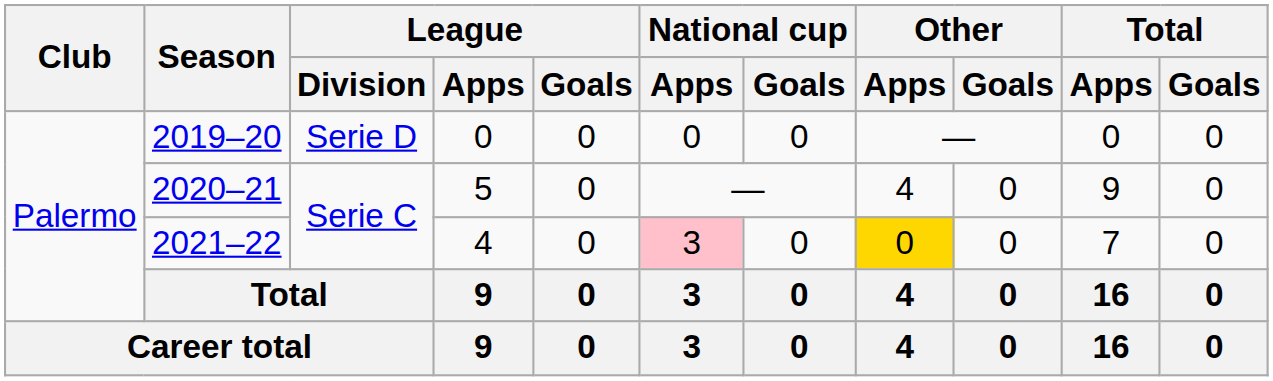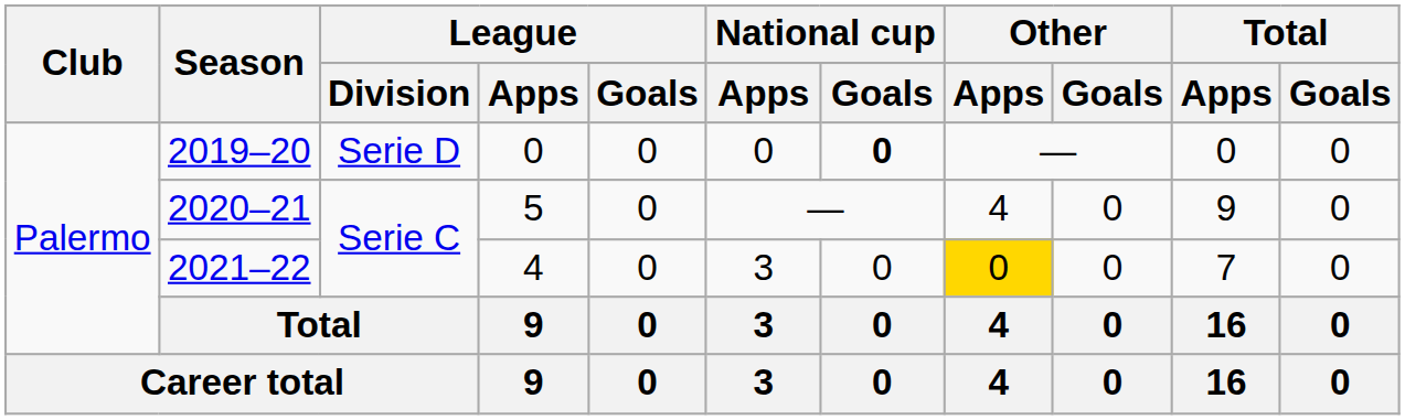 <table class="wikitable" style="text-align: center;">
 <tr>
 <th rowspan="2">Club</th>
 <th rowspan="2">Season</th>
 <th colspan="3">League</th>
 <th colspan="2">National cup</th>
 <th colspan="2">Other</th>
 <th colspan="2">Total</th>
 </tr>
 <tr>
 <th>Division</th>
 <th>Apps</th>
 <th>Goals</th>
 <th>Apps</th>
 <th>Goals</th>
 <th>Apps</th>
 <th>Goals</th>
 <th>Apps</th>
 <th>Goals</th>
 </tr>
 <tr>
 <td rowspan="4"><a href='#'>Palermo</a></td>
 <td><a href='#'>2019–20</a></td>
 <td><a href='#'>Serie D</a></td>
 <td>0</td>
 <td>0</td>
 <td>0</td>
-<td>0</td>
+<td><strong>0</strong></td>
 <td colspan="2">—</td>
 <td>0</td>
 <td>0</td>
 </tr>
 <tr>
 <td><a href='#'>2020–21</a></td>
 <td rowspan="2"><a href='#'>Serie C</a></td>
 <td>5</td>
 <td>0</td>
 <td colspan="2">—</td>
 <td>4</td>
 <td>0</td>
 <td>9</td>
 <td>0</td>
 </tr>
 <tr>
 <td><a href='#'>2021–22</a></td>
 <td>4</td>
 <td>0</td>
-<td style="background: pink;">3</td>
+<td>3</td>
 <td>0</td>
 <td style="background: gold;">0</td>
 <td>0</td>
 <td>7</td>
 <td>0</td>
 </tr>
 <tr>
 <th colspan="2">Total</th>
 <th>9</th>
 <th>0</th>
 <th>3</th>
 <th>0</th>
 <th>4</th>
 <th>0</th>
 <th>16</th>
 <th>0</th>
 </tr>
 <tr>
 <th colspan="3">Career total</th>
 <th>9</th>
 <th>0</th>
 <th>3</th>
 <th>0</th>
 <th>4</th>
 <th>0</th>
 <th>16</th>
 <th>0</th>
 </tr>
 </table>
